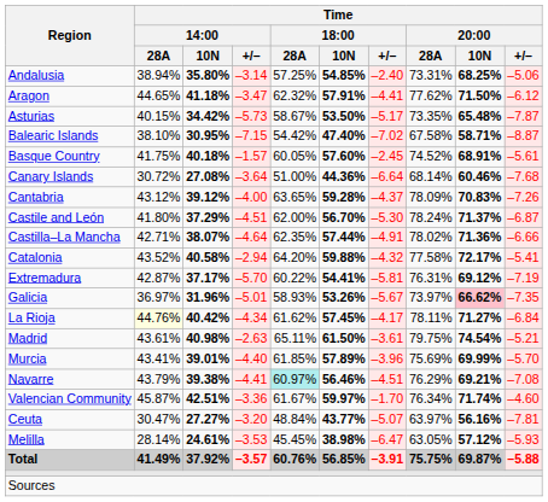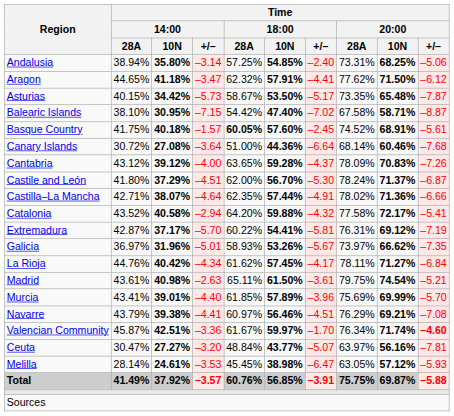 <table class="wikitable sortable" style="text-align:right;">
 <tr>
 <th rowspan="3">Region</th>
 <th colspan="9">Time</th>
 </tr>
 <tr>
 <th colspan="3">14:00</th>
 <th colspan="3">18:00</th>
 <th colspan="3">20:00</th>
 </tr>
 <tr>
 <th>28A</th>
 <th>10N</th>
 <th>+/–</th>
 <th>28A</th>
 <th>10N</th>
 <th>+/–</th>
 <th>28A</th>
 <th>10N</th>
 <th>+/–</th>
 </tr>
 <tr>
 <td align="left"><a href='#'>Andalusia</a></td>
 <td>38.94%</td>
 <td><strong>35.80%</strong></td>
 <td style="background:#FFE8E8; color:red;">–3.14</td>
 <td>57.25%</td>
 <td><strong>54.85%</strong></td>
 <td style="background:#FFE8E8; color:red;">–2.40</td>
 <td>73.31%</td>
 <td><strong>68.25%</strong></td>
 <td style="background:#FFE8E8; color:red;">–5.06</td>
 </tr>
 <tr>
 <td align="left"><a href='#'>Aragon</a></td>
 <td>44.65%</td>
 <td><strong>41.18%</strong></td>
 <td style="background:#FFE8E8; color:red;">–3.47</td>
 <td>62.32%</td>
 <td><strong>57.91%</strong></td>
 <td style="background:#FFE8E8; color:red;">–4.41</td>
 <td>77.62%</td>
 <td><strong>71.50%</strong></td>
 <td style="background:#FFE8E8; color:red;">–6.12</td>
 </tr>
 <tr>
 <td align="left"><a href='#'>Asturias</a></td>
 <td>40.15%</td>
 <td><strong>34.42%</strong></td>
 <td style="background:#FFE8E8; color:red;">–5.73</td>
 <td>58.67%</td>
 <td><strong>53.50%</strong></td>
 <td style="background:#FFE8E8; color:red;">–5.17</td>
 <td>73.35%</td>
 <td><strong>65.48%</strong></td>
 <td style="background:#FFE8E8; color:red;">–7.87</td>
 </tr>
 <tr>
 <td align="left"><a href='#'>Balearic Islands</a></td>
 <td>38.10%</td>
 <td><strong>30.95%</strong></td>
 <td style="background:#FFE8E8; color:red;">–7.15</td>
 <td>54.42%</td>
 <td><strong>47.40%</strong></td>
 <td style="background:#FFE8E8; color:red;">–7.02</td>
 <td>67.58%</td>
 <td><strong>58.71%</strong></td>
 <td style="background:#FFE8E8; color:red;">–8.87</td>
 </tr>
 <tr>
 <td align="left"><a href='#'>Basque Country</a></td>
 <td>41.75%</td>
 <td><strong>40.18%</strong></td>
 <td style="background:#FFE8E8; color:red;">–1.57</td>
-<td>60.05%</td>
+<td><strong>60.05%</strong></td>
 <td><strong>57.60%</strong></td>
 <td style="background:#FFE8E8; color:red;">–2.45</td>
 <td>74.52%</td>
 <td><strong>68.91%</strong></td>
 <td style="background:#FFE8E8; color:red;">–5.61</td>
 </tr>
 <tr>
 <td align="left"><a href='#'>Canary Islands</a></td>
 <td>30.72%</td>
 <td><strong>27.08%</strong></td>
 <td style="background:#FFE8E8; color:red;">–3.64</td>
 <td>51.00%</td>
 <td><strong>44.36%</strong></td>
 <td style="background:#FFE8E8; color:red;">–6.64</td>
 <td>68.14%</td>
 <td><strong>60.46%</strong></td>
 <td style="background:#FFE8E8; color:red;">–7.68</td>
 </tr>
 <tr>
 <td align="left"><a href='#'>Cantabria</a></td>
 <td>43.12%</td>
 <td><strong>39.12%</strong></td>
 <td style="background:#FFE8E8; color:red;">–4.00</td>
 <td>63.65%</td>
 <td><strong>59.28%</strong></td>
 <td style="background:#FFE8E8; color:red;">–4.37</td>
 <td>78.09%</td>
 <td><strong>70.83%</strong></td>
 <td style="background:#FFE8E8; color:red;">–7.26</td>
 </tr>
 <tr>
 <td align="left"><a href='#'>Castile and León</a></td>
 <td>41.80%</td>
 <td><strong>37.29%</strong></td>
 <td style="background:#FFE8E8; color:red;">–4.51</td>
 <td>62.00%</td>
 <td><strong>56.70%</strong></td>
 <td style="background:#FFE8E8; color:red;">–5.30</td>
 <td>78.24%</td>
 <td><strong>71.37%</strong></td>
 <td style="background:#FFE8E8; color:red;">–6.87</td>
 </tr>
 <tr>
 <td align="left"><a href='#'>Castilla–La Mancha</a></td>
 <td>42.71%</td>
 <td><strong>38.07%</strong></td>
 <td style="background:#FFE8E8; color:red;">–4.64</td>
 <td>62.35%</td>
 <td><strong>57.44%</strong></td>
 <td style="background:#FFE8E8; color:red;">–4.91</td>
 <td>78.02%</td>
 <td><strong>71.36%</strong></td>
 <td style="background:#FFE8E8; color:red;">–6.66</td>
 </tr>
 <tr>
 <td align="left"><a href='#'>Catalonia</a></td>
 <td>43.52%</td>
 <td><strong>40.58%</strong></td>
 <td style="background:#FFE8E8; color:red;">–2.94</td>
 <td>64.20%</td>
 <td><strong>59.88%</strong></td>
 <td style="background:#FFE8E8; color:red;">–4.32</td>
 <td>77.58%</td>
 <td><strong>72.17%</strong></td>
 <td style="background:#FFE8E8; color:red;">–5.41</td>
 </tr>
 <tr>
 <td align="left"><a href='#'>Extremadura</a></td>
 <td>42.87%</td>
 <td><strong>37.17%</strong></td>
 <td style="background:#FFE8E8; color:red;">–5.70</td>
 <td>60.22%</td>
 <td><strong>54.41%</strong></td>
 <td style="background:#FFE8E8; color:red;">–5.81</td>
 <td>76.31%</td>
 <td><strong>69.12%</strong></td>
 <td style="background:#FFE8E8; color:red;">–7.19</td>
 </tr>
 <tr>
 <td align="left"><a href='#'>Galicia</a></td>
 <td>36.97%</td>
 <td><strong>31.96%</strong></td>
 <td style="background:#FFE8E8; color:red;">–5.01</td>
 <td>58.93%</td>
 <td><strong>53.26%</strong></td>
 <td style="background:#FFE8E8; color:red;">–5.67</td>
 <td>73.97%</td>
-<td style="background: pink;"><strong>66.62%</strong></td>
+<td><strong>66.62%</strong></td>
 <td style="background:#FFE8E8; color:red;">–7.35</td>
 </tr>
 <tr>
 <td align="left"><a href='#'>La Rioja</a></td>
-<td style="background: lightyellow;">44.76%</td>
+<td>44.76%</td>
 <td><strong>40.42%</strong></td>
 <td style="background:#FFE8E8; color:red;">–4.34</td>
 <td>61.62%</td>
 <td><strong>57.45%</strong></td>
 <td style="background:#FFE8E8; color:red;">–4.17</td>
 <td>78.11%</td>
 <td><strong>71.27%</strong></td>
 <td style="background:#FFE8E8; color:red;">–6.84</td>
 </tr>
 <tr>
 <td align="left"><a href='#'>Madrid</a></td>
 <td>43.61%</td>
 <td><strong>40.98%</strong></td>
 <td style="background:#FFE8E8; color:red;">–2.63</td>
 <td>65.11%</td>
 <td><strong>61.50%</strong></td>
 <td style="background:#FFE8E8; color:red;">–3.61</td>
 <td>79.75%</td>
 <td><strong>74.54%</strong></td>
 <td style="background:#FFE8E8; color:red;">–5.21</td>
 </tr>
 <tr>
 <td align="left"><a href='#'>Murcia</a></td>
 <td>43.41%</td>
 <td><strong>39.01%</strong></td>
 <td style="background:#FFE8E8; color:red;">–4.40</td>
 <td>61.85%</td>
 <td><strong>57.89%</strong></td>
 <td style="background:#FFE8E8; color:red;">–3.96</td>
 <td>75.69%</td>
 <td><strong>69.99%</strong></td>
 <td style="background:#FFE8E8; color:red;">–5.70</td>
 </tr>
 <tr>
 <td align="left"><a href='#'>Navarre</a></td>
 <td>43.79%</td>
 <td><strong>39.38%</strong></td>
 <td style="background:#FFE8E8; color:red;">–4.41</td>
-<td style="background: paleturquoise;">60.97%</td>
+<td>60.97%</td>
 <td><strong>56.46%</strong></td>
 <td style="background:#FFE8E8; color:red;">–4.51</td>
 <td>76.29%</td>
 <td><strong>69.21%</strong></td>
 <td style="background:#FFE8E8; color:red;">–7.08</td>
 </tr>
 <tr>
 <td align="left"><a href='#'>Valencian Community</a></td>
 <td>45.87%</td>
 <td><strong>42.51%</strong></td>
 <td style="background:#FFE8E8; color:red;">–3.36</td>
 <td>61.67%</td>
 <td><strong>59.97%</strong></td>
 <td style="background:#FFE8E8; color:red;">–1.70</td>
 <td>76.34%</td>
 <td><strong>71.74%</strong></td>
-<td style="background:#FFE8E8; color:red;">–4.60</td>
+<td style="background:#FFE8E8; color:red;"><strong>–4.60</strong></td>
 </tr>
 <tr>
 <td align="left"><a href='#'>Ceuta</a></td>
 <td>30.47%</td>
 <td><strong>27.27%</strong></td>
 <td style="background:#FFE8E8; color:red;">–3.20</td>
 <td>48.84%</td>
 <td><strong>43.77%</strong></td>
 <td style="background:#FFE8E8; color:red;">–5.07</td>
 <td>63.97%</td>
 <td><strong>56.16%</strong></td>
 <td style="background:#FFE8E8; color:red;">–7.81</td>
 </tr>
 <tr>
 <td align="left"><a href='#'>Melilla</a></td>
 <td>28.14%</td>
 <td><strong>24.61%</strong></td>
 <td style="background:#FFE8E8; color:red;">–3.53</td>
 <td>45.45%</td>
 <td><strong>38.98%</strong></td>
 <td style="background:#FFE8E8; color:red;">–6.47</td>
 <td>63.05%</td>
 <td><strong>57.12%</strong></td>
 <td style="background:#FFE8E8; color:red;">–5.93</td>
 </tr>
 <tr style="background:#CDCDCD;">
 <td align="left"><strong>Total</strong></td>
 <td><strong>41.49%</strong></td>
 <td><strong>37.92%</strong></td>
 <td style="background:#FFE8E8; color:red;"><strong>–3.57</strong></td>
 <td><strong>60.76%</strong></td>
 <td><strong>56.85%</strong></td>
 <td style="background:#FFE8E8; color:red;"><strong>–3.91</strong></td>
 <td><strong>75.75%</strong></td>
 <td><strong>69.87%</strong></td>
 <td style="background:#FFE8E8; color:red;"><strong>–5.88</strong></td>
 </tr>
 <tr>
 <td colspan="10" bgcolor="#E9E9E9"></td>
 </tr>
 <tr>
 <td align="left" colspan="10">Sources</td>
 </tr>
 </table>
